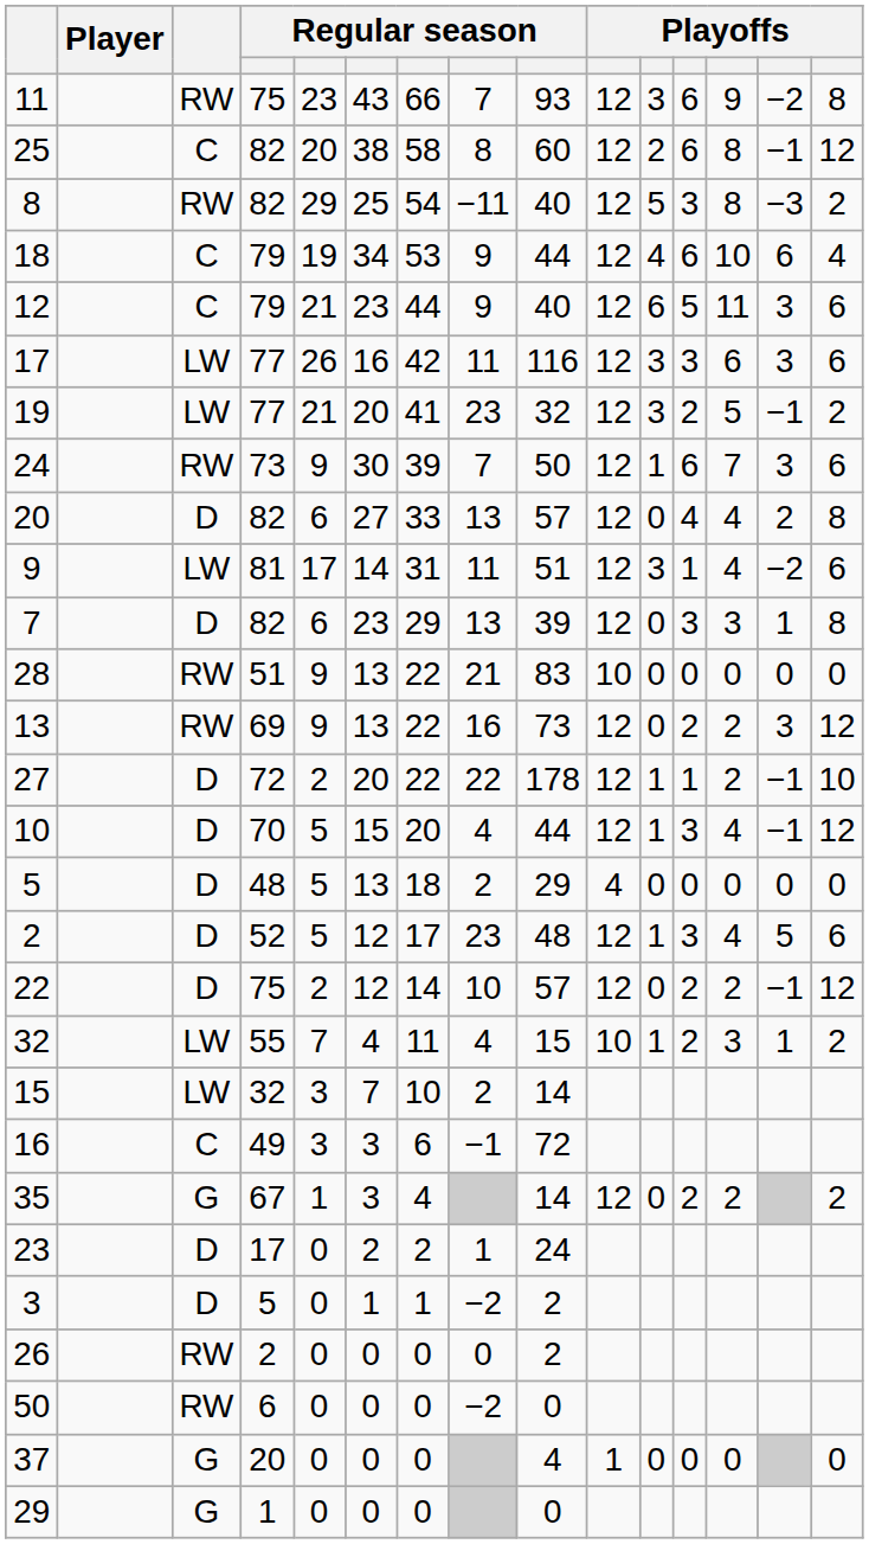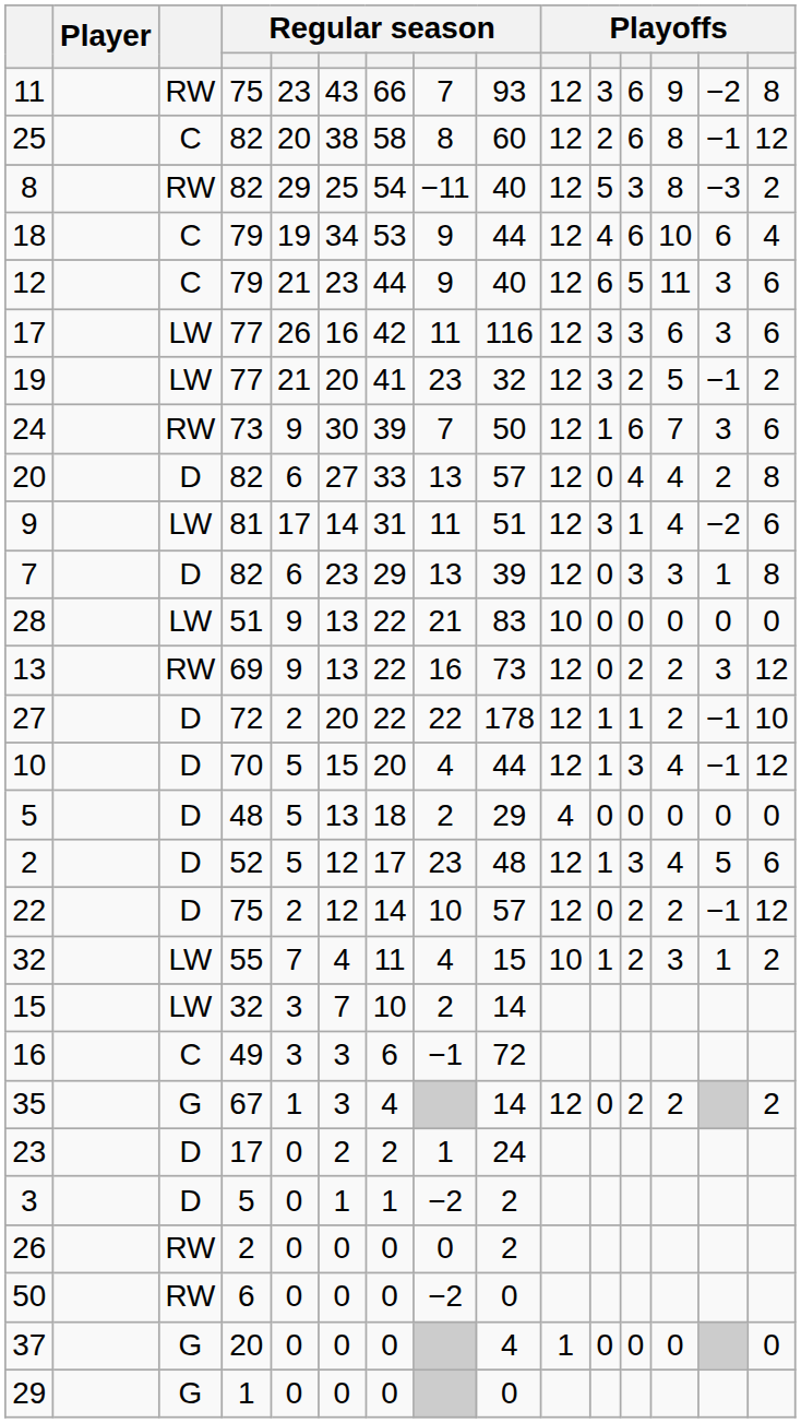 <table class="wikitable sortable plainrowheaders" style="text-align:center;">
 <tr>
 <th scope="col" data-sort-type="number" rowspan="2"></th>
 <th scope="col" rowspan="2">Player</th>
 <th scope="col" rowspan="2"></th>
 <th scope=colgroup colspan=6>Regular season</th>
 <th scope=colgroup colspan=6>Playoffs</th>
 </tr>
 <tr>
 <th scope="col" data-sort-type="number"></th>
 <th scope="col" data-sort-type="number"></th>
 <th scope="col" data-sort-type="number"></th>
 <th scope="col" data-sort-type="number"></th>
 <th scope="col" data-sort-type="number"></th>
 <th scope="col" data-sort-type="number"></th>
 <th scope="col" data-sort-type="number"></th>
 <th scope="col" data-sort-type="number"></th>
 <th scope="col" data-sort-type="number"></th>
 <th scope="col" data-sort-type="number"></th>
 <th scope="col" data-sort-type="number"></th>
 <th scope="col" data-sort-type="number"></th>
 </tr>
 <tr>
 <td scope="row">11</td>
 <td align="left"></td>
 <td>RW</td>
 <td>75</td>
 <td>23</td>
 <td>43</td>
 <td>66</td>
 <td>7</td>
 <td>93</td>
 <td>12</td>
 <td>3</td>
 <td>6</td>
 <td>9</td>
 <td>−2</td>
 <td>8</td>
 </tr>
 <tr>
 <td scope="row">25</td>
 <td align="left"></td>
 <td>C</td>
 <td>82</td>
 <td>20</td>
 <td>38</td>
 <td>58</td>
 <td>8</td>
 <td>60</td>
 <td>12</td>
 <td>2</td>
 <td>6</td>
 <td>8</td>
 <td>−1</td>
 <td>12</td>
 </tr>
 <tr>
 <td scope="row">8</td>
 <td align="left"></td>
 <td>RW</td>
 <td>82</td>
 <td>29</td>
 <td>25</td>
 <td>54</td>
 <td>−11</td>
 <td>40</td>
 <td>12</td>
 <td>5</td>
 <td>3</td>
 <td>8</td>
 <td>−3</td>
 <td>2</td>
 </tr>
 <tr>
 <td scope="row">18</td>
 <td align="left"></td>
 <td>C</td>
 <td>79</td>
 <td>19</td>
 <td>34</td>
 <td>53</td>
 <td>9</td>
 <td>44</td>
 <td>12</td>
 <td>4</td>
 <td>6</td>
 <td>10</td>
 <td>6</td>
 <td>4</td>
 </tr>
 <tr>
 <td scope="row">12</td>
 <td align="left"></td>
 <td>C</td>
 <td>79</td>
 <td>21</td>
 <td>23</td>
 <td>44</td>
 <td>9</td>
 <td>40</td>
 <td>12</td>
 <td>6</td>
 <td>5</td>
 <td>11</td>
 <td>3</td>
 <td>6</td>
 </tr>
 <tr>
 <td scope="row">17</td>
 <td align="left"></td>
 <td>LW</td>
 <td>77</td>
 <td>26</td>
 <td>16</td>
 <td>42</td>
 <td>11</td>
 <td>116</td>
 <td>12</td>
 <td>3</td>
 <td>3</td>
 <td>6</td>
 <td>3</td>
 <td>6</td>
 </tr>
 <tr>
 <td scope="row">19</td>
 <td align="left"></td>
 <td>LW</td>
 <td>77</td>
 <td>21</td>
 <td>20</td>
 <td>41</td>
 <td>23</td>
 <td>32</td>
 <td>12</td>
 <td>3</td>
 <td>2</td>
 <td>5</td>
 <td>−1</td>
 <td>2</td>
 </tr>
 <tr>
 <td scope="row">24</td>
 <td align="left"></td>
 <td>RW</td>
 <td>73</td>
 <td>9</td>
 <td>30</td>
 <td>39</td>
 <td>7</td>
 <td>50</td>
 <td>12</td>
 <td>1</td>
 <td>6</td>
 <td>7</td>
 <td>3</td>
 <td>6</td>
 </tr>
 <tr>
 <td scope="row">20</td>
 <td align="left"></td>
 <td>D</td>
 <td>82</td>
 <td>6</td>
 <td>27</td>
 <td>33</td>
 <td>13</td>
 <td>57</td>
 <td>12</td>
 <td>0</td>
 <td>4</td>
 <td>4</td>
 <td>2</td>
 <td>8</td>
 </tr>
 <tr>
 <td scope="row">9</td>
 <td align="left"></td>
 <td>LW</td>
 <td>81</td>
 <td>17</td>
 <td>14</td>
 <td>31</td>
 <td>11</td>
 <td>51</td>
 <td>12</td>
 <td>3</td>
 <td>1</td>
 <td>4</td>
 <td>−2</td>
 <td>6</td>
 </tr>
 <tr>
 <td scope="row">7</td>
 <td align="left"></td>
 <td>D</td>
 <td>82</td>
 <td>6</td>
 <td>23</td>
 <td>29</td>
 <td>13</td>
 <td>39</td>
 <td>12</td>
 <td>0</td>
 <td>3</td>
 <td>3</td>
 <td>1</td>
 <td>8</td>
 </tr>
 <tr>
 <td scope="row">28</td>
 <td align="left"></td>
-<td>RW</td>
+<td>LW</td>
 <td>51</td>
 <td>9</td>
 <td>13</td>
 <td>22</td>
 <td>21</td>
 <td>83</td>
 <td>10</td>
 <td>0</td>
 <td>0</td>
 <td>0</td>
 <td>0</td>
 <td>0</td>
 </tr>
 <tr>
 <td scope="row">13</td>
 <td align="left"></td>
 <td>RW</td>
 <td>69</td>
 <td>9</td>
 <td>13</td>
 <td>22</td>
 <td>16</td>
 <td>73</td>
 <td>12</td>
 <td>0</td>
 <td>2</td>
 <td>2</td>
 <td>3</td>
 <td>12</td>
 </tr>
 <tr>
 <td scope="row">27</td>
 <td align="left"></td>
 <td>D</td>
 <td>72</td>
 <td>2</td>
 <td>20</td>
 <td>22</td>
 <td>22</td>
 <td>178</td>
 <td>12</td>
 <td>1</td>
 <td>1</td>
 <td>2</td>
 <td>−1</td>
 <td>10</td>
 </tr>
 <tr>
 <td scope="row">10</td>
 <td align="left"></td>
 <td>D</td>
 <td>70</td>
 <td>5</td>
 <td>15</td>
 <td>20</td>
 <td>4</td>
 <td>44</td>
 <td>12</td>
 <td>1</td>
 <td>3</td>
 <td>4</td>
 <td>−1</td>
 <td>12</td>
 </tr>
 <tr>
 <td scope="row">5</td>
 <td align="left"></td>
 <td>D</td>
 <td>48</td>
 <td>5</td>
 <td>13</td>
 <td>18</td>
 <td>2</td>
 <td>29</td>
 <td>4</td>
 <td>0</td>
 <td>0</td>
 <td>0</td>
 <td>0</td>
 <td>0</td>
 </tr>
 <tr>
 <td scope="row">2</td>
 <td align="left"></td>
 <td>D</td>
 <td>52</td>
 <td>5</td>
 <td>12</td>
 <td>17</td>
 <td>23</td>
 <td>48</td>
 <td>12</td>
 <td>1</td>
 <td>3</td>
 <td>4</td>
 <td>5</td>
 <td>6</td>
 </tr>
 <tr>
 <td scope="row">22</td>
 <td align="left"></td>
 <td>D</td>
 <td>75</td>
 <td>2</td>
 <td>12</td>
 <td>14</td>
 <td>10</td>
 <td>57</td>
 <td>12</td>
 <td>0</td>
 <td>2</td>
 <td>2</td>
 <td>−1</td>
 <td>12</td>
 </tr>
 <tr>
 <td scope="row">32</td>
 <td align="left"></td>
 <td>LW</td>
 <td>55</td>
 <td>7</td>
 <td>4</td>
 <td>11</td>
 <td>4</td>
 <td>15</td>
 <td>10</td>
 <td>1</td>
 <td>2</td>
 <td>3</td>
 <td>1</td>
 <td>2</td>
 </tr>
 <tr>
 <td scope="row">15</td>
 <td align="left"></td>
 <td>LW</td>
 <td>32</td>
 <td>3</td>
 <td>7</td>
 <td>10</td>
 <td>2</td>
 <td>14</td>
 <td></td>
 <td></td>
 <td></td>
 <td></td>
 <td></td>
 <td></td>
 </tr>
 <tr>
 <td scope="row">16</td>
 <td align="left"></td>
 <td>C</td>
 <td>49</td>
 <td>3</td>
 <td>3</td>
 <td>6</td>
 <td>−1</td>
 <td>72</td>
 <td></td>
 <td></td>
 <td></td>
 <td></td>
 <td></td>
 <td></td>
 </tr>
 <tr>
 <td scope="row">35</td>
 <td align="left"></td>
 <td>G</td>
 <td>67</td>
 <td>1</td>
 <td>3</td>
 <td>4</td>
 <td style="background:#ccc"></td>
 <td>14</td>
 <td>12</td>
 <td>0</td>
 <td>2</td>
 <td>2</td>
 <td style="background:#ccc"></td>
 <td>2</td>
 </tr>
 <tr>
 <td scope="row">23</td>
 <td align="left"></td>
 <td>D</td>
 <td>17</td>
 <td>0</td>
 <td>2</td>
 <td>2</td>
 <td>1</td>
 <td>24</td>
 <td></td>
 <td></td>
 <td></td>
 <td></td>
 <td></td>
 <td></td>
 </tr>
 <tr>
 <td scope="row">3</td>
 <td align="left"></td>
 <td>D</td>
 <td>5</td>
 <td>0</td>
 <td>1</td>
 <td>1</td>
 <td>−2</td>
 <td>2</td>
 <td></td>
 <td></td>
 <td></td>
 <td></td>
 <td></td>
 <td></td>
 </tr>
 <tr>
 <td scope="row">26</td>
 <td align="left"></td>
 <td>RW</td>
 <td>2</td>
 <td>0</td>
 <td>0</td>
 <td>0</td>
 <td>0</td>
 <td>2</td>
 <td></td>
 <td></td>
 <td></td>
 <td></td>
 <td></td>
 <td></td>
 </tr>
 <tr>
 <td scope="row">50</td>
 <td align="left"></td>
 <td>RW</td>
 <td>6</td>
 <td>0</td>
 <td>0</td>
 <td>0</td>
 <td>−2</td>
 <td>0</td>
 <td></td>
 <td></td>
 <td></td>
 <td></td>
 <td></td>
 <td></td>
 </tr>
 <tr>
 <td scope="row">37</td>
 <td align="left"></td>
 <td>G</td>
 <td>20</td>
 <td>0</td>
 <td>0</td>
 <td>0</td>
 <td style="background:#ccc"></td>
 <td>4</td>
 <td>1</td>
 <td>0</td>
 <td>0</td>
 <td>0</td>
 <td style="background:#ccc"></td>
 <td>0</td>
 </tr>
 <tr>
 <td scope="row">29</td>
 <td align="left"></td>
 <td>G</td>
 <td>1</td>
 <td>0</td>
 <td>0</td>
 <td>0</td>
 <td style="background:#ccc"></td>
 <td>0</td>
 <td></td>
 <td></td>
 <td></td>
 <td></td>
 <td></td>
 <td></td>
 </tr>
 </table>
